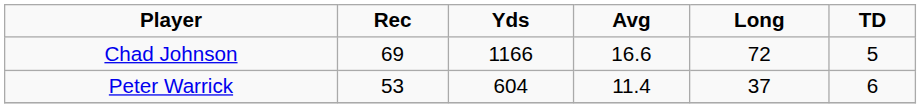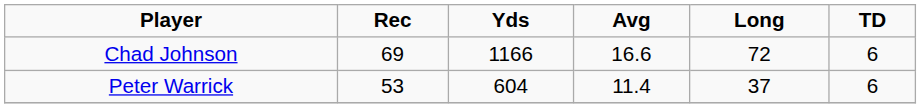 <table class="wikitable" width="80%">
 <tr align="center">
 <td><strong>Player</strong></td>
 <td><strong>Rec</strong></td>
 <td><strong>Yds</strong></td>
 <td><strong>Avg</strong></td>
 <td><strong>Long</strong></td>
 <td><strong>TD</strong></td>
 </tr>
 <tr align="center" bgcolor="">
 <td><a href='#'>Chad Johnson</a></td>
 <td>69</td>
 <td>1166</td>
 <td>16.6</td>
 <td>72</td>
-<td>5</td>
+<td>6</td>
 </tr>
 <tr align="center" bgcolor="">
 <td><a href='#'>Peter Warrick</a></td>
 <td>53</td>
 <td>604</td>
 <td>11.4</td>
 <td>37</td>
 <td>6</td>
 </tr>
 <tr align="center" bgcolor="">
 </tr>
 </table>
